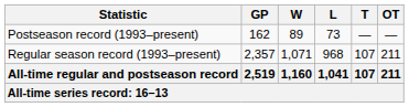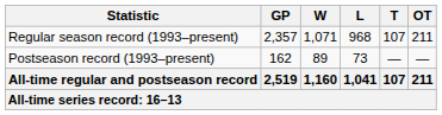 <table class="wikitable" style="text-align:center; font-size:95%">
 <tr>
 <th>Statistic</th>
 <th>GP</th>
 <th>W</th>
 <th>L</th>
 <th>T</th>
 <th>OT</th>
 </tr>
 <tr>
+<td style="text-align:left;">Regular season record (1993–present)</td>
+<td>2,357</td>
+<td>1,071</td>
+<td>968</td>
+<td>107</td>
+<td>211</td>
+</tr>
+<tr>
 <td style="text-align:left;">Postseason record (1993–present)</td>
 <td>162</td>
 <td>89</td>
 <td>73</td>
 <td>—</td>
 <td>—</td>
-</tr>
-<tr>
-<td style="text-align:left;">Regular season record (1993–present)</td>
-<td>2,357</td>
-<td>1,071</td>
-<td>968</td>
-<td>107</td>
-<td>211</td>
 </tr>
 <tr>
 <th style="text-align:left;">All-time regular and postseason record</th>
 <th>2,519</th>
 <th>1,160</th>
 <th>1,041</th>
 <th>107</th>
 <th>211</th>
 </tr>
 <tr>
 <th colspan="6" style="text-align:left; font-size:95%">All-time series record: 16–13</th>
 </tr>
 </table>
